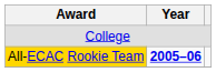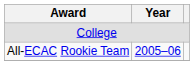 <table class="wikitable">
 <tr>
 <th>Award</th>
 <th>Year</th>
 <th></th>
 </tr>
 <tr ALIGN="center" bgcolor="#e0e0e0">
 <td colspan="3"><a href='#'>College</a></td>
 </tr>
 <tr>
-<td style="background: gold;">All-<a href='#'>ECAC</a> <a href='#'>Rookie Team</a></td>
-<td><strong><a href='#'>2005–06</a></strong></td>
+<td>All-<a href='#'>ECAC</a> <a href='#'>Rookie Team</a></td>
+<td><a href='#'>2005–06</a></td>
 <td></td>
 </tr>
 <tr>
 </tr>
 </table>
